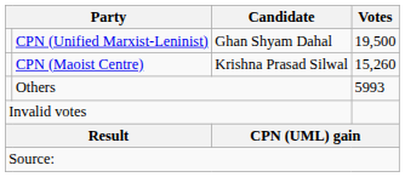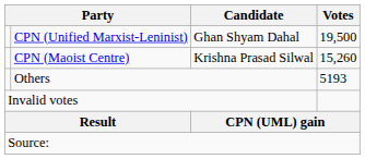 <table class="wikitable">
 <tr>
 <th colspan="2">Party</th>
 <th>Candidate</th>
 <th>Votes</th>
 </tr>
 <tr>
 <td style="background-color:"></td>
 <td><a href='#'>CPN (Unified Marxist-Leninist)</a></td>
 <td>Ghan Shyam Dahal</td>
 <td>19,500</td>
 </tr>
 <tr>
 <td style="background-color:"></td>
 <td><a href='#'>CPN (Maoist Centre)</a></td>
 <td>Krishna Prasad Silwal</td>
 <td>15,260</td>
 </tr>
 <tr>
 <td></td>
 <td colspan="2">Others</td>
-<td>5993</td>
+<td>5193</td>
 </tr>
 <tr>
 <td colspan="3">Invalid votes</td>
 <td></td>
 </tr>
 <tr>
 <th colspan="2">Result</th>
 <th colspan="2">CPN (UML) gain</th>
 </tr>
 <tr>
 <td colspan="4">Source: </td>
 </tr>
 </table>
